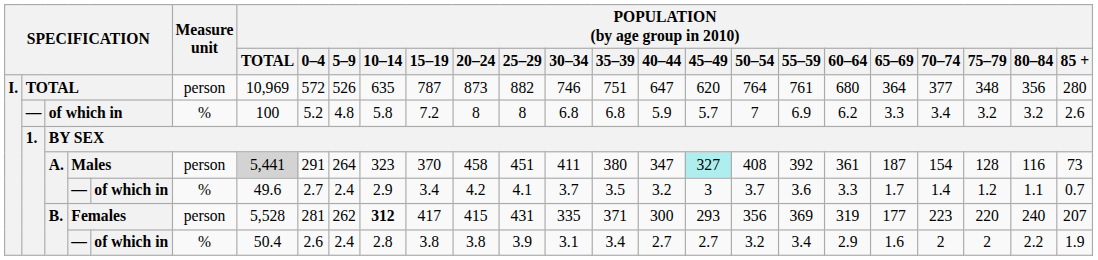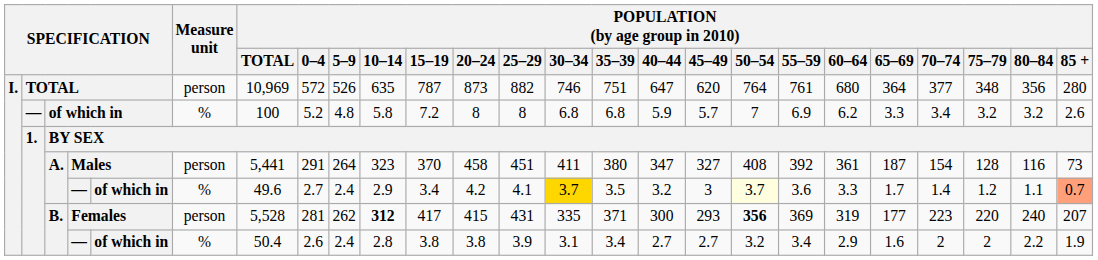 <table class="wikitable" style="font-size:85%; text-align:center">
 <tr>
 <th rowspan="2" colspan="5">SPECIFICATION</th>
 <th rowspan="2">Measure<br> unit</th>
 <th colspan="20" rowspan="1">POPULATION<br> (by age group in 2010)</th>
 </tr>
 <tr>
 <th>TOTAL</th>
 <th>0–4</th>
 <th>5–9</th>
 <th>10–14</th>
 <th>15–19</th>
 <th>20–24</th>
 <th>25–29</th>
 <th>30–34</th>
 <th>35–39</th>
 <th>40–44</th>
 <th>45–49</th>
 <th>50–54</th>
 <th>55–59</th>
 <th>60–64</th>
 <th>65–69</th>
 <th>70–74</th>
 <th>75–79</th>
 <th>80–84</th>
 <th>85 +</th>
 </tr>
 <tr>
 <th style="text-align:left" valign="top" rowspan="7">I.</th>
 <th style="text-align:left" colspan="4">TOTAL</th>
 <td>person</td>
 <td>10,969</td>
 <td>572</td>
 <td>526</td>
 <td>635</td>
 <td>787</td>
 <td>873</td>
 <td>882</td>
 <td>746</td>
 <td>751</td>
 <td>647</td>
 <td>620</td>
 <td>764</td>
 <td>761</td>
 <td>680</td>
 <td>364</td>
 <td>377</td>
 <td>348</td>
 <td>356</td>
 <td>280</td>
 </tr>
 <tr>
 <th style="text-align:left" valign="top">—</th>
 <th style="text-align:left" colspan="3">of which in</th>
 <td>%</td>
 <td>100</td>
 <td>5.2</td>
 <td>4.8</td>
 <td>5.8</td>
 <td>7.2</td>
 <td>8</td>
 <td>8</td>
 <td>6.8</td>
 <td>6.8</td>
 <td>5.9</td>
 <td>5.7</td>
 <td>7</td>
 <td>6.9</td>
 <td>6.2</td>
 <td>3.3</td>
 <td>3.4</td>
 <td>3.2</td>
 <td>3.2</td>
 <td>2.6</td>
 </tr>
 <tr>
 <th style="text-align:left" valign="top" rowspan="5">1.</th>
 <th style="text-align:left" colspan="23">BY SEX</th>
 </tr>
 <tr>
 <th style="text-align:left" valign="top" rowspan="2">A.</th>
 <th style="text-align:left" colspan="2">Males</th>
 <td>person</td>
-<td style="background: lightgrey;">5,441</td>
+<td>5,441</td>
 <td>291</td>
 <td>264</td>
 <td>323</td>
 <td>370</td>
 <td>458</td>
 <td>451</td>
 <td>411</td>
 <td>380</td>
 <td>347</td>
-<td style="background: paleturquoise;">327</td>
+<td>327</td>
 <td>408</td>
 <td>392</td>
 <td>361</td>
 <td>187</td>
 <td>154</td>
 <td>128</td>
 <td>116</td>
 <td>73</td>
 </tr>
 <tr>
 <th style="text-align:left" valign="top">—</th>
 <th style="text-align:left" colspan="1">of which in</th>
 <td>%</td>
 <td>49.6</td>
 <td>2.7</td>
 <td>2.4</td>
 <td>2.9</td>
 <td>3.4</td>
 <td>4.2</td>
 <td>4.1</td>
-<td>3.7</td>
+<td style="background: gold;">3.7</td>
 <td>3.5</td>
 <td>3.2</td>
 <td>3</td>
-<td>3.7</td>
+<td style="background: lightyellow;">3.7</td>
 <td>3.6</td>
 <td>3.3</td>
 <td>1.7</td>
 <td>1.4</td>
 <td>1.2</td>
 <td>1.1</td>
-<td>0.7</td>
+<td style="background: lightsalmon;">0.7</td>
 </tr>
 <tr>
 <th style="text-align:left" valign="top" rowspan="2">B.</th>
 <th style="text-align:left" colspan="2">Females</th>
 <td>person</td>
 <td>5,528</td>
 <td>281</td>
 <td>262</td>
 <td><strong>312</strong></td>
 <td>417</td>
 <td>415</td>
 <td>431</td>
 <td>335</td>
 <td>371</td>
 <td>300</td>
 <td>293</td>
-<td>356</td>
+<td><strong>356</strong></td>
 <td>369</td>
 <td>319</td>
 <td>177</td>
 <td>223</td>
 <td>220</td>
 <td>240</td>
 <td>207</td>
 </tr>
 <tr>
 <th style="text-align:left" valign="top">—</th>
 <th style="text-align:left" colspan="1">of which in</th>
 <td>%</td>
 <td>50.4</td>
 <td>2.6</td>
 <td>2.4</td>
 <td>2.8</td>
 <td>3.8</td>
 <td>3.8</td>
 <td>3.9</td>
 <td>3.1</td>
 <td>3.4</td>
 <td>2.7</td>
 <td>2.7</td>
 <td>3.2</td>
 <td>3.4</td>
 <td>2.9</td>
 <td>1.6</td>
 <td>2</td>
 <td>2</td>
 <td>2.2</td>
 <td>1.9</td>
 </tr>
 </table>
